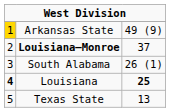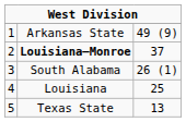 <table class="wikitable">
 <tr align="center">
 <td align="center" Colspan="3"><strong>West Division</strong></td>
 </tr>
 <tr align="center">
 </tr>
 <tr align="center">
-<td style="background: gold;">1</td>
+<td>1</td>
 <td>Arkansas State</td>
 <td>49 (9)</td>
 </tr>
 <tr align="center">
 <td>2</td>
 <td><strong>Louisiana–Monroe</strong></td>
 <td>37</td>
 </tr>
 <tr align="center">
 <td>3</td>
 <td>South Alabama</td>
 <td>26 (1)</td>
 </tr>
 <tr align="center">
-<td><strong>4</strong></td>
+<td>4</td>
 <td>Louisiana</td>
-<td><strong>25</strong></td>
+<td>25</td>
 </tr>
 <tr align="center">
 <td>5</td>
 <td>Texas State</td>
 <td>13</td>
 </tr>
 </table>
